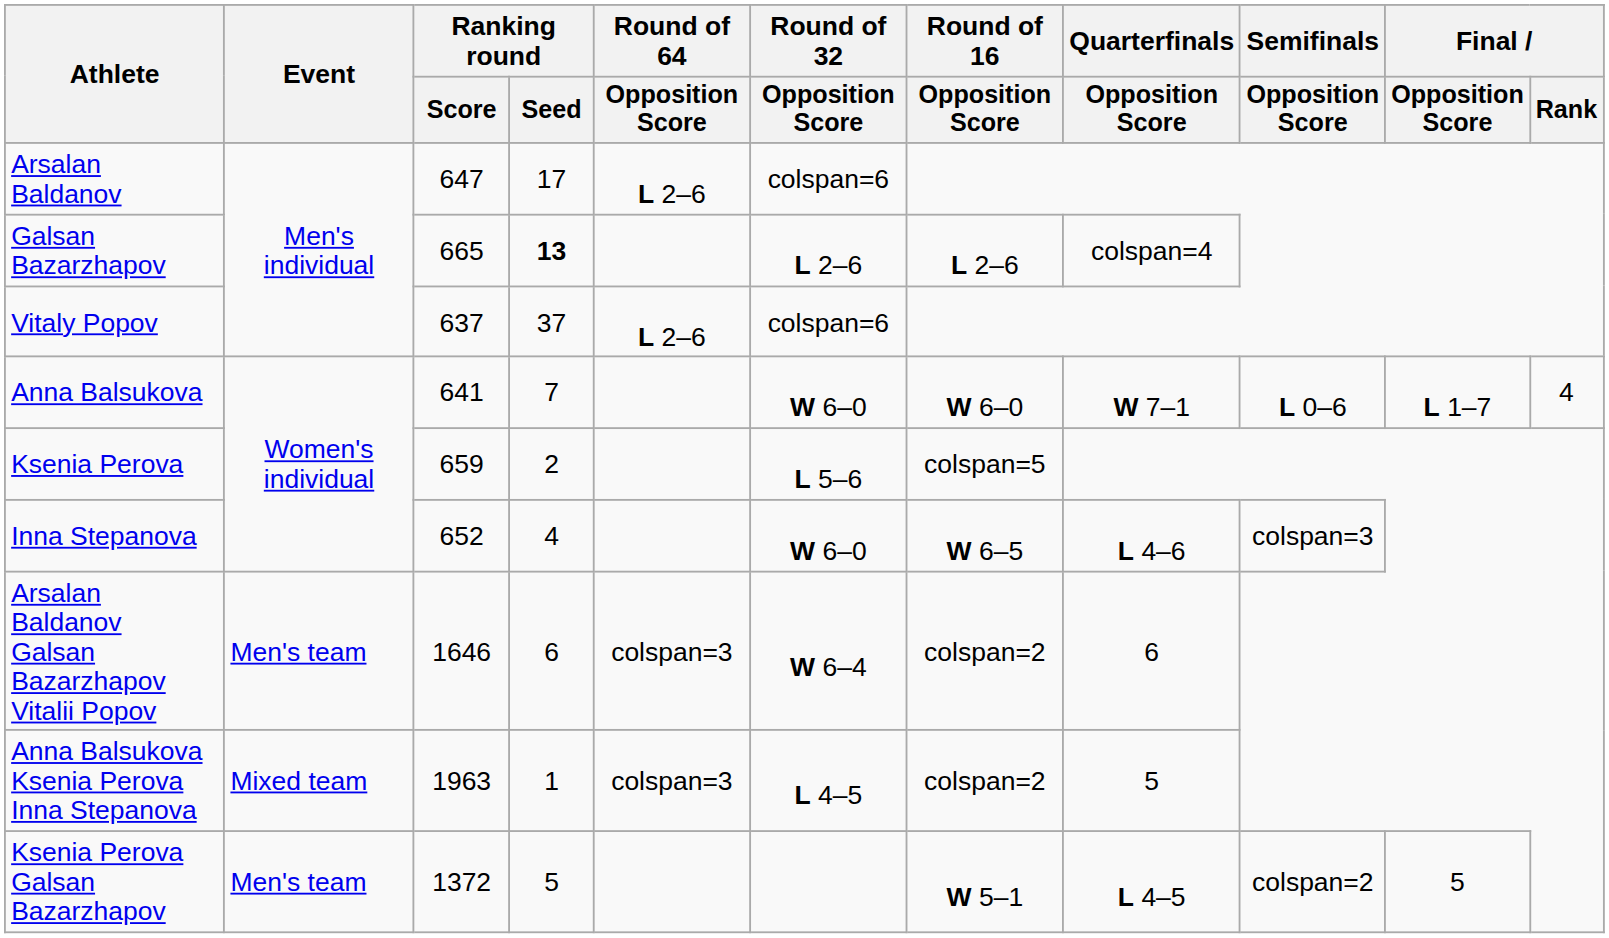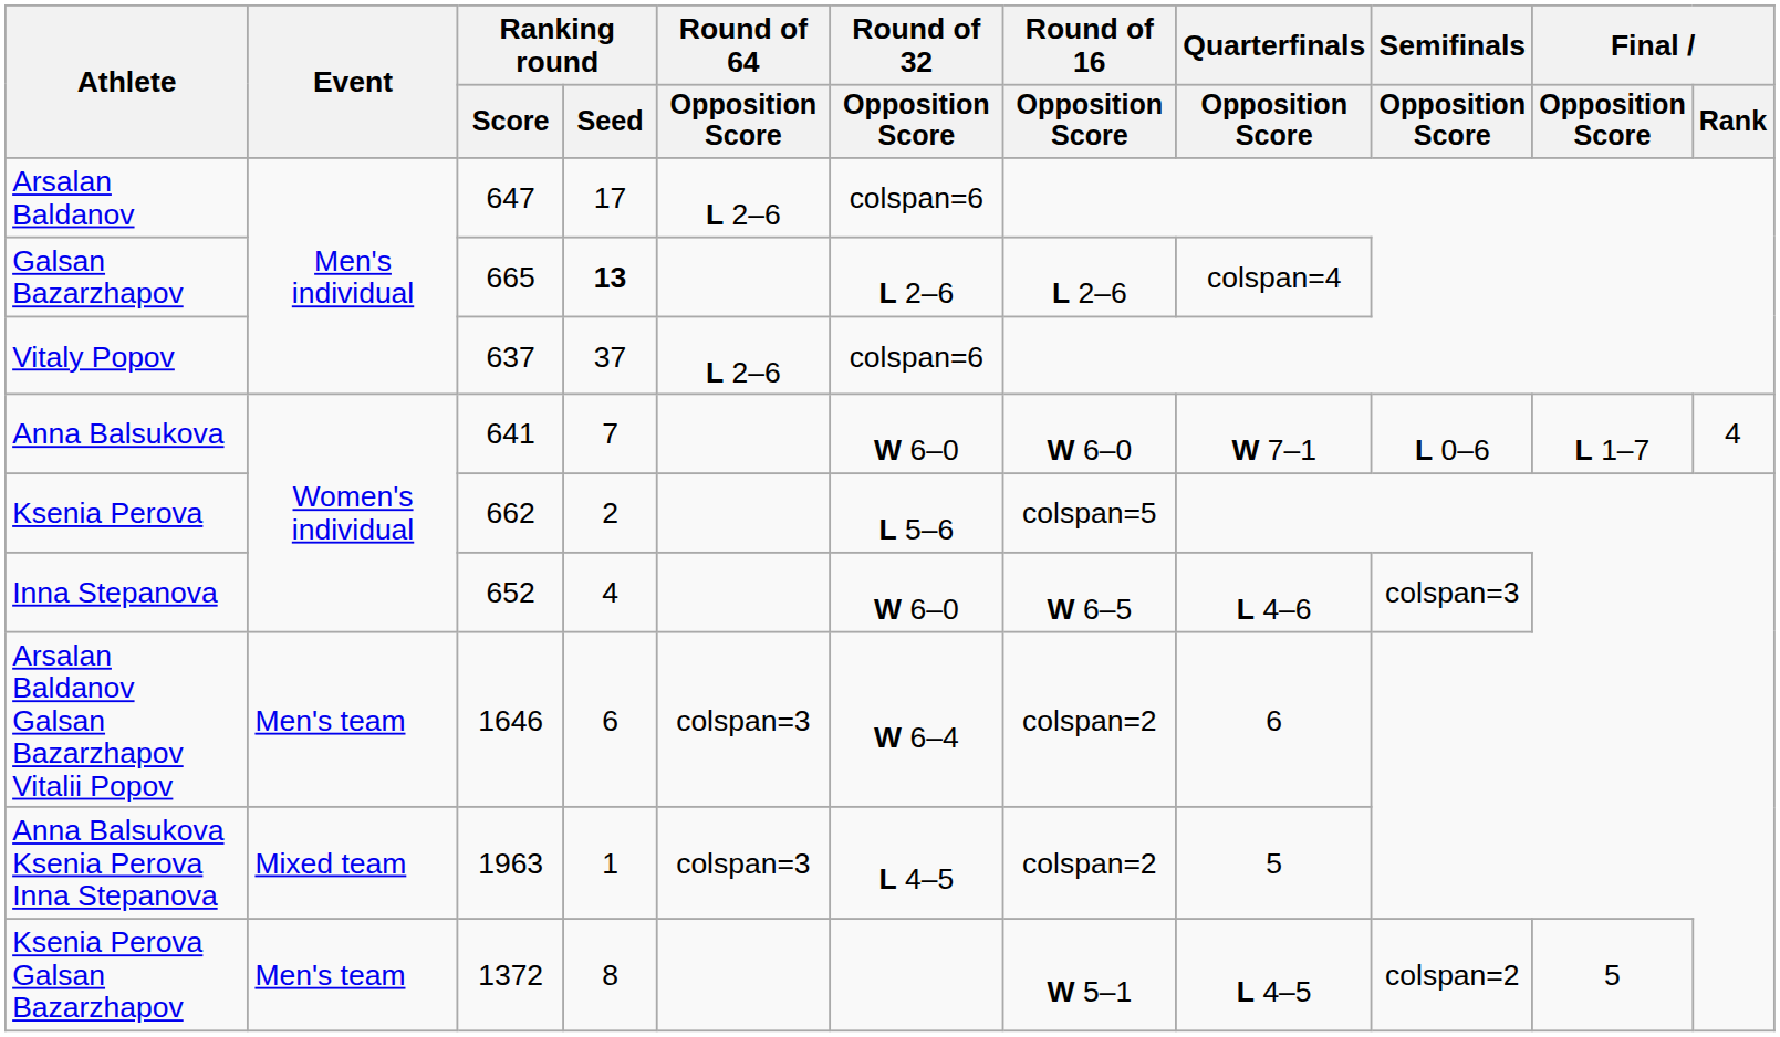 <table class="wikitable" style="text-align:center; font-size:90%">
 <tr>
 <th rowspan=2>Athlete</th>
 <th rowspan=2>Event</th>
 <th colspan=2>Ranking round</th>
 <th>Round of 64</th>
 <th>Round of 32</th>
 <th>Round of 16</th>
 <th>Quarterfinals</th>
 <th>Semifinals</th>
 <th colspan=2>Final / </th>
 </tr>
 <tr style="font-size:95%">
 <th>Score</th>
 <th>Seed</th>
 <th>Opposition<br>Score</th>
 <th>Opposition<br>Score</th>
 <th>Opposition<br>Score</th>
 <th>Opposition<br>Score</th>
 <th>Opposition<br>Score</th>
 <th>Opposition<br>Score</th>
 <th>Rank</th>
 </tr>
 <tr>
 <td align=left><a href='#'>Arsalan Baldanov</a></td>
 <td rowspan=3><a href='#'>Men's individual</a></td>
 <td>647</td>
 <td>17</td>
 <td><br><strong>L</strong> 2–6</td>
 <td>colspan=6 </td>
 </tr>
 <tr>
 <td align=left><a href='#'>Galsan Bazarzhapov</a></td>
 <td>665</td>
 <td><strong>13</strong></td>
 <td></td>
 <td><br><strong>L</strong> 2–6</td>
 <td><br><strong>L</strong> 2–6</td>
 <td>colspan=4 </td>
 </tr>
 <tr>
 <td align=left><a href='#'>Vitaly Popov</a></td>
 <td>637</td>
 <td>37</td>
 <td><br><strong>L</strong> 2–6</td>
 <td>colspan=6 </td>
 </tr>
 <tr>
 <td align=left><a href='#'>Anna Balsukova</a></td>
 <td rowspan=3><a href='#'>Women's individual</a></td>
 <td>641</td>
 <td>7</td>
 <td></td>
 <td><br><strong>W</strong> 6–0</td>
 <td><br><strong>W</strong> 6–0</td>
 <td><br><strong>W</strong> 7–1</td>
 <td><br><strong>L</strong> 0–6</td>
 <td><br><strong>L</strong> 1–7</td>
 <td>4</td>
 </tr>
 <tr>
 <td align=left><a href='#'>Ksenia Perova</a></td>
-<td>659</td>
+<td>662</td>
 <td>2</td>
 <td></td>
 <td><br><strong>L</strong> 5–6</td>
 <td>colspan=5 </td>
 </tr>
 <tr>
 <td align=left><a href='#'>Inna Stepanova</a></td>
 <td>652</td>
 <td>4</td>
 <td></td>
 <td><br><strong>W</strong> 6–0</td>
 <td><br><strong>W</strong> 6–5</td>
 <td><br><strong>L</strong> 4–6</td>
 <td>colspan=3 </td>
 </tr>
 <tr>
 <td align=left><a href='#'>Arsalan Baldanov</a><br><a href='#'>Galsan Bazarzhapov</a><br><a href='#'>Vitalii Popov</a></td>
 <td align=left><a href='#'>Men's team</a></td>
 <td>1646</td>
 <td>6</td>
 <td>colspan=3 </td>
 <td><br><strong>W</strong> 6–4</td>
 <td>colspan=2 </td>
 <td>6</td>
 </tr>
 <tr>
 <td align=left><a href='#'>Anna Balsukova</a><br><a href='#'>Ksenia Perova</a><br><a href='#'>Inna Stepanova</a></td>
 <td align=left><a href='#'>Mixed team</a></td>
 <td>1963</td>
 <td>1</td>
 <td>colspan=3 </td>
 <td><br><strong>L</strong> 4–5</td>
 <td>colspan=2 </td>
 <td>5</td>
 </tr>
 <tr>
 <td align=left><a href='#'>Ksenia Perova</a><br><a href='#'>Galsan Bazarzhapov</a></td>
 <td align=left><a href='#'>Men's team</a></td>
 <td>1372</td>
-<td>5</td>
+<td>8</td>
 <td></td>
 <td></td>
 <td><br><strong>W</strong> 5–1</td>
 <td><br><strong>L</strong> 4–5</td>
 <td>colspan=2 </td>
 <td>5</td>
 </tr>
 </table>
